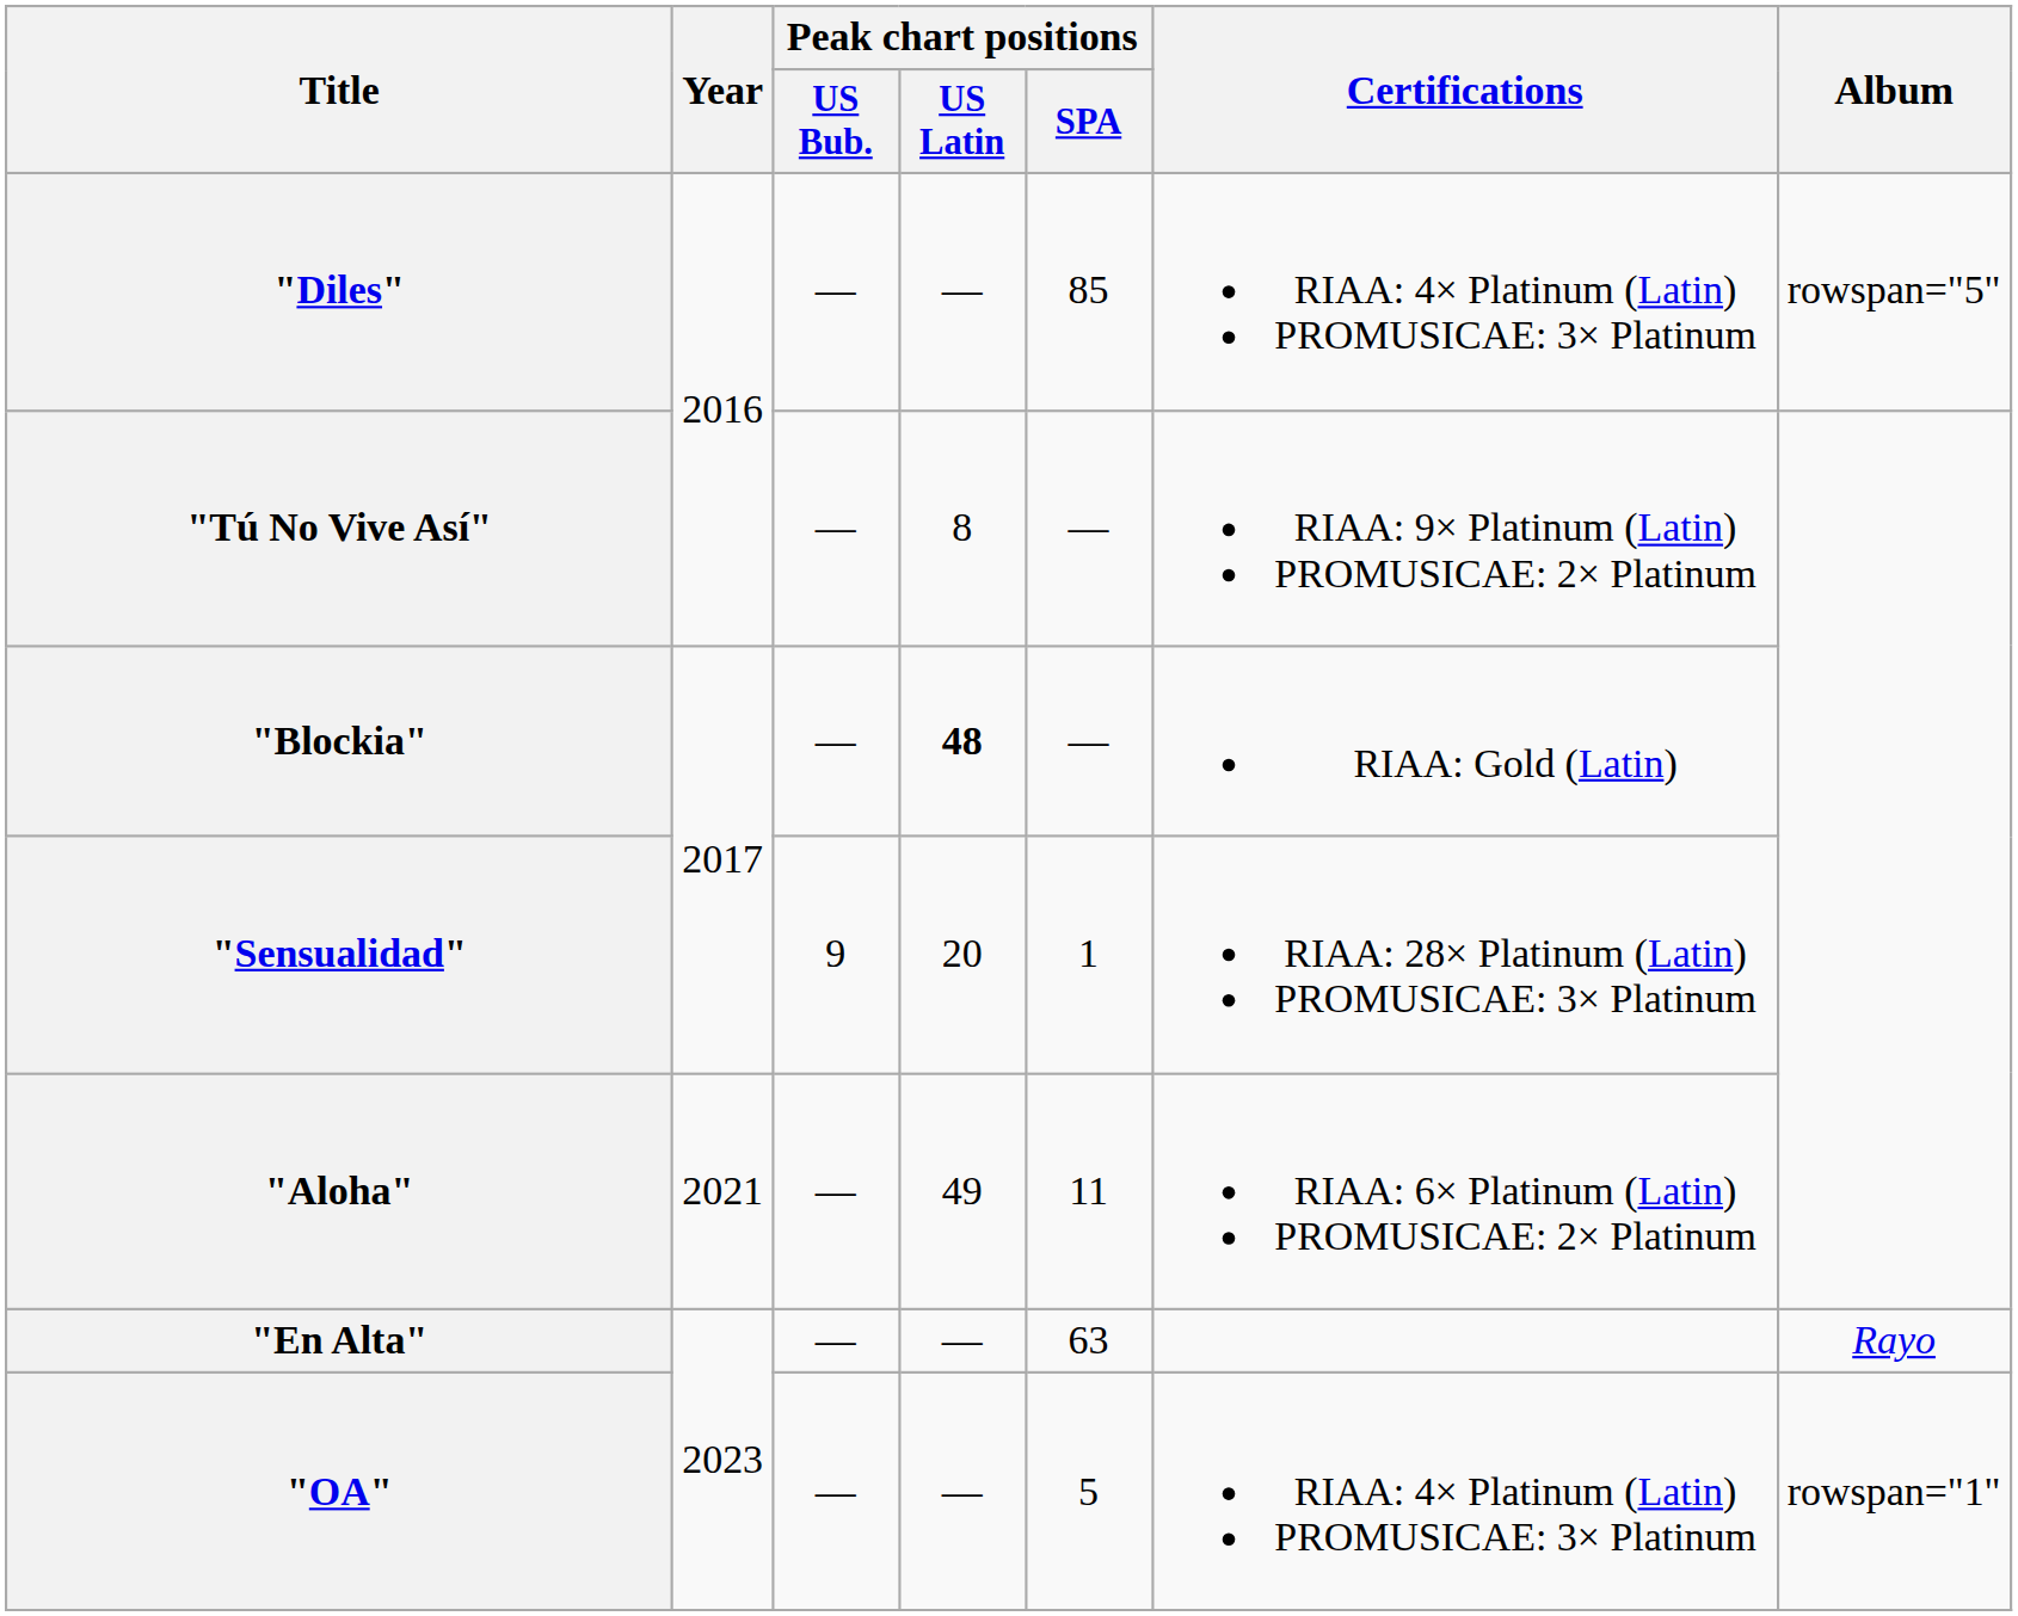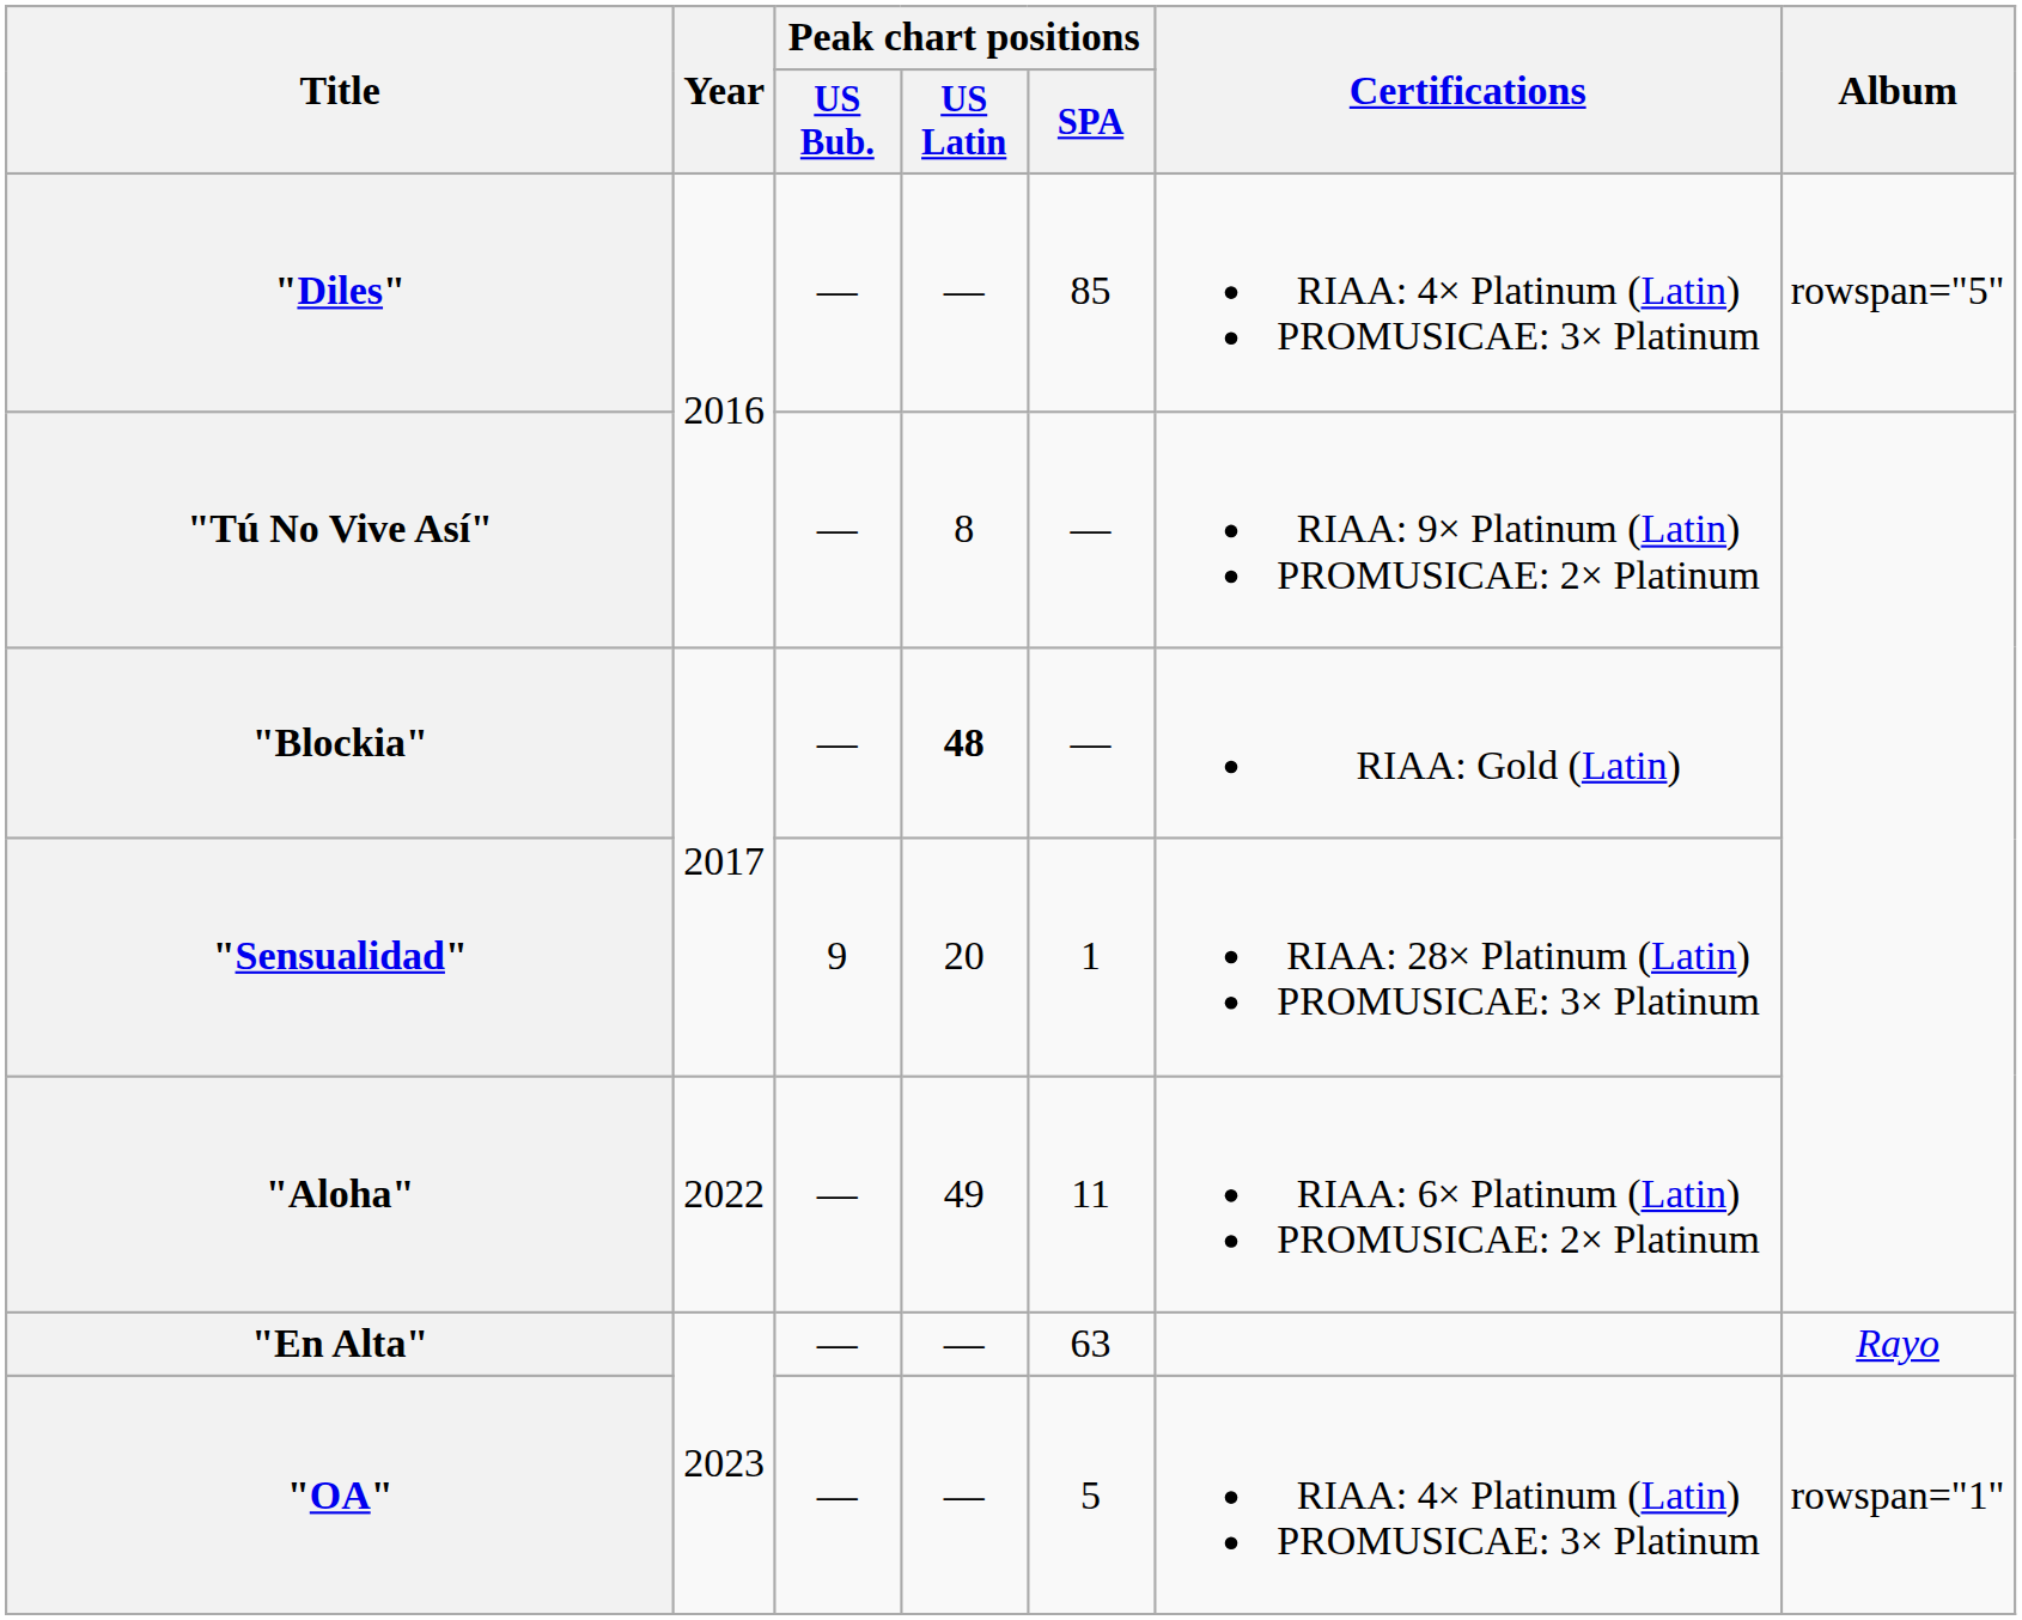 <table class="wikitable plainrowheaders" style="text-align:center;">
 <tr>
 <th scope="col" rowspan="2" style="width:16em;">Title</th>
 <th scope="col" rowspan="2">Year</th>
 <th scope="col" colspan="3">Peak chart positions</th>
 <th scope="col" rowspan="2" style="width:15em;"><a href='#'>Certifications</a></th>
 <th scope="col" rowspan="2">Album</th>
 </tr>
 <tr>
 <th scope="col" style="width:3em;font-size:90%;"><a href='#'>US Bub.</a><br></th>
 <th scope="col" style="width:3em;font-size:90%;"><a href='#'>US<br>Latin</a><br></th>
 <th scope="col" style="width:3em;font-size:90%;"><a href='#'>SPA</a><br></th>
 </tr>
 <tr>
 <th scope="row">"<a href='#'>Diles</a>"<br></th>
 <td rowspan="2">2016</td>
 <td>—</td>
 <td>—</td>
 <td>85</td>
 <td><br><ul><li>RIAA: 4× Platinum <span>(<a href='#'>Latin</a>)</span></li><li>PROMUSICAE: 3× Platinum</li></ul></td>
 <td>rowspan="5" </td>
 </tr>
 <tr>
 <th scope="row">"Tú No Vive Así"<br></th>
 <td>—</td>
 <td>8</td>
 <td>—</td>
 <td><br><ul><li>RIAA: 9× Platinum <span>(<a href='#'>Latin</a>)</span></li><li>PROMUSICAE: 2× Platinum</li></ul></td>
 </tr>
 <tr>
 <th scope="row">"Blockia"<br></th>
 <td rowspan="2">2017</td>
 <td>—</td>
 <td><strong>48</strong></td>
 <td>—</td>
 <td><br><ul><li>RIAA: Gold <span>(<a href='#'>Latin</a>)</span></li></ul></td>
 </tr>
 <tr>
 <th scope="row">"<a href='#'>Sensualidad</a>"<br></th>
 <td>9</td>
 <td>20</td>
 <td>1</td>
 <td><br><ul><li>RIAA: 28× Platinum <span>(<a href='#'>Latin</a>)</span></li><li>PROMUSICAE: 3× Platinum</li></ul></td>
 </tr>
 <tr>
 <th scope="row">"Aloha"<br></th>
-<td>2021</td>
+<td>2022</td>
 <td>—</td>
 <td>49</td>
 <td>11</td>
 <td><br><ul><li>RIAA: 6× Platinum <span>(<a href='#'>Latin</a>)</span></li><li>PROMUSICAE: 2× Platinum</li></ul></td>
 </tr>
 <tr>
 <th scope="row">"En Alta"<br></th>
 <td rowspan="2">2023</td>
 <td>—</td>
 <td>—</td>
 <td>63</td>
 <td></td>
 <td><em><a href='#'>Rayo</a></em></td>
 </tr>
 <tr>
 <th scope="row">"<a href='#'>OA</a>"<br></th>
 <td>—</td>
 <td>—</td>
 <td>5</td>
 <td><br><ul><li>RIAA: 4× Platinum <span>(<a href='#'>Latin</a>)</span></li><li>PROMUSICAE: 3× Platinum</li></ul></td>
 <td>rowspan="1" </td>
 </tr>
 <tr>
 </tr>
 </table>
